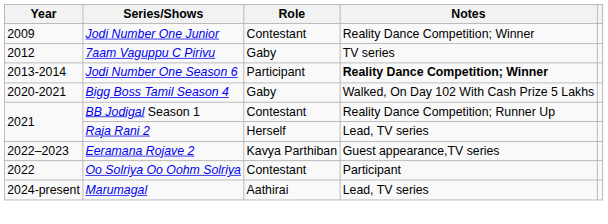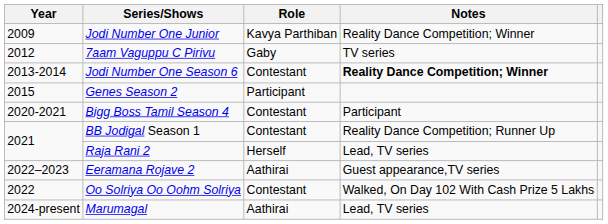 <table class="wikitable">
 <tr>
 <th>Year</th>
 <th>Series/Shows</th>
 <th>Role</th>
 <th class="unsortable">Notes</th>
 <th scope="col" class="unsortable"></th>
 </tr>
 <tr>
 <td>2009</td>
 <td><em><a href='#'>Jodi Number One Junior</a></em></td>
-<td>Contestant</td>
+<td>Kavya Parthiban</td>
 <td>Reality Dance Competition; Winner</td>
 <td style="text-align:center;"></td>
 </tr>
 <tr>
 <td>2012</td>
 <td><em><a href='#'>7aam Vaguppu C Pirivu</a></em></td>
 <td>Gaby</td>
 <td>TV series</td>
 <td style="text-align:center;"></td>
 </tr>
 <tr>
 <td>2013-2014</td>
 <td><em><a href='#'> Jodi Number One Season 6</a></em></td>
-<td>Participant</td>
+<td>Contestant</td>
 <td><strong>Reality Dance Competition; Winner</strong></td>
 <td style="text-align:center;"></td>
 </tr>
 <tr>
+<td>2015</td>
+<td><em><a href='#'>Genes Season 2</a></em></td>
+<td>Participant</td>
+<td></td>
+<td></td>
+</tr>
+<tr>
 <td>2020-2021</td>
 <td><em><a href='#'>Bigg Boss Tamil Season 4</a></em></td>
-<td>Gaby</td>
-<td>Walked, On Day 102 With Cash Prize 5 Lakhs</td>
+<td>Contestant</td>
+<td>Participant</td>
 <td style="text-align:center;"></td>
 </tr>
 <tr>
 <td rowspan="2">2021</td>
 <td><em><a href='#'>BB Jodigal</a></em> Season 1</td>
 <td>Contestant</td>
 <td>Reality Dance Competition; Runner Up</td>
 <td></td>
 </tr>
 <tr>
 <td><em><a href='#'>Raja Rani 2</a></em></td>
 <td>Herself</td>
 <td>Lead, TV series</td>
 <td></td>
 </tr>
 <tr>
 <td>2022–2023</td>
 <td><em><a href='#'>Eeramana Rojave 2</a></em></td>
-<td>Kavya Parthiban</td>
+<td>Aathirai</td>
 <td>Guest appearance,TV series</td>
 <td></td>
 </tr>
 <tr>
 <td>2022</td>
 <td><em><a href='#'>Oo Solriya Oo Oohm Solriya</a></em></td>
 <td>Contestant</td>
-<td>Participant</td>
+<td>Walked, On Day 102 With Cash Prize 5 Lakhs</td>
 <td></td>
 </tr>
 <tr>
 <td>2024-present</td>
 <td><em><a href='#'>Marumagal</a></em></td>
 <td>Aathirai</td>
 <td>Lead, TV series</td>
 <td></td>
 </tr>
 </table>
